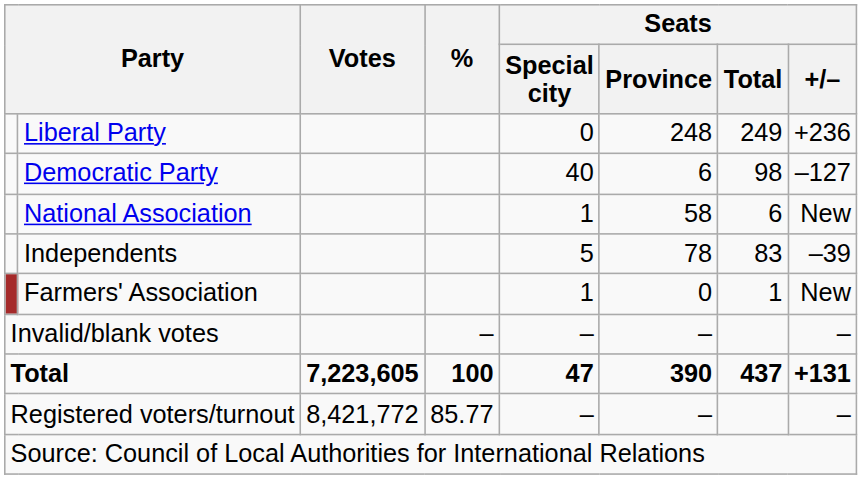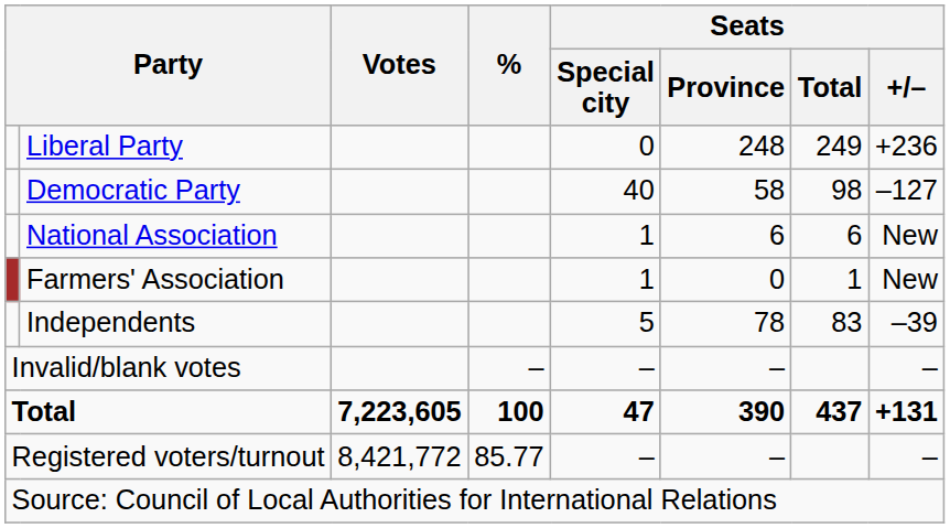 <table class="wikitable" style="text-align:right">
 <tr>
 <th colspan="2" rowspan="2">Party</th>
 <th rowspan="2">Votes</th>
 <th rowspan="2">%</th>
 <th colspan="4">Seats</th>
 </tr>
 <tr>
 <th>Special<br>city</th>
 <th>Province</th>
 <th>Total</th>
 <th>+/–</th>
 </tr>
 <tr>
 <td></td>
 <td align="left"><a href='#'>Liberal Party</a></td>
 <td></td>
 <td></td>
 <td>0</td>
 <td>248</td>
 <td>249</td>
 <td>+236</td>
 </tr>
 <tr>
 <td></td>
 <td align="left"><a href='#'>Democratic Party</a></td>
 <td></td>
 <td></td>
 <td>40</td>
-<td>6</td>
+<td>58</td>
 <td>98</td>
 <td>–127</td>
 </tr>
 <tr>
 <td></td>
 <td align="left"><a href='#'>National Association</a></td>
 <td></td>
 <td></td>
 <td>1</td>
-<td>58</td>
 <td>6</td>
+<td>6</td>
+<td>New</td>
+</tr>
+<tr>
+<td bgcolor="brown"></td>
+<td align="left">Farmers' Association</td>
+<td></td>
+<td></td>
+<td>1</td>
+<td>0</td>
+<td>1</td>
 <td>New</td>
 </tr>
 <tr>
 <td></td>
 <td align="left">Independents</td>
 <td></td>
 <td></td>
 <td>5</td>
 <td>78</td>
 <td>83</td>
 <td>–39</td>
-</tr>
-<tr>
-<td bgcolor="brown"></td>
-<td align="left">Farmers' Association</td>
-<td></td>
-<td></td>
-<td>1</td>
-<td>0</td>
-<td>1</td>
-<td>New</td>
 </tr>
 <tr>
 <td colspan="2" align="left">Invalid/blank votes</td>
 <td></td>
 <td>–</td>
 <td>–</td>
 <td>–</td>
 <td></td>
 <td>–</td>
 </tr>
 <tr>
 <td colspan="2" align="left"><strong>Total</strong></td>
 <td><strong>7,223,605</strong></td>
 <td><strong>100</strong></td>
 <td><strong>47</strong></td>
 <td><strong>390</strong></td>
 <td><strong>437</strong></td>
 <td><strong>+131</strong></td>
 </tr>
 <tr>
 <td colspan="2" align="left">Registered voters/turnout</td>
 <td>8,421,772</td>
 <td>85.77</td>
 <td>–</td>
 <td>–</td>
 <td></td>
 <td>–</td>
 </tr>
 <tr>
 <td colspan="8" align="left">Source: Council of Local Authorities for International Relations</td>
 </tr>
 </table>
